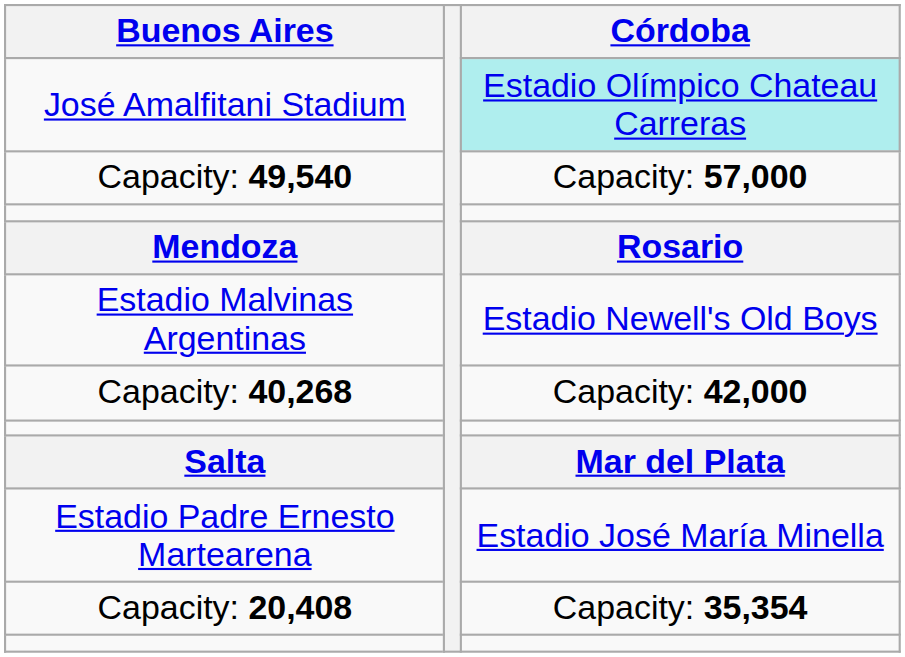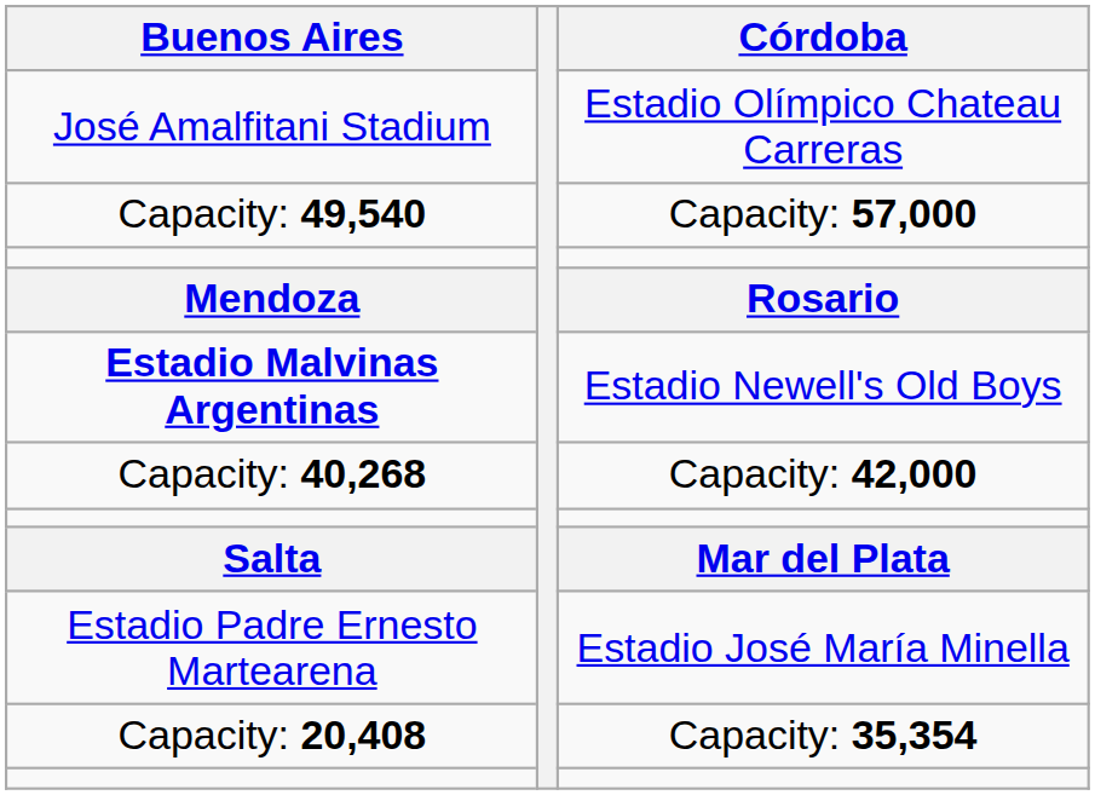 <table class=wikitable style="text-align:center">
 <tr>
 <th width=200><a href='#'>Buenos Aires</a></th>
 <th rowspan=12><br></th>
 <th width=200><a href='#'>Córdoba</a></th>
 </tr>
 <tr>
 <td><a href='#'>José Amalfitani Stadium</a></td>
-<td style="background: paleturquoise;"><a href='#'>Estadio Olímpico Chateau Carreras</a></td>
+<td><a href='#'>Estadio Olímpico Chateau Carreras</a></td>
 </tr>
 <tr>
 <td>Capacity: <strong>49,540</strong></td>
 <td>Capacity: <strong>57,000</strong></td>
 </tr>
 <tr>
 <td></td>
 <td></td>
 </tr>
 <tr>
 <th><a href='#'>Mendoza</a></th>
 <th><a href='#'>Rosario</a></th>
 </tr>
 <tr>
-<td><a href='#'>Estadio Malvinas Argentinas</a></td>
+<td><strong><a href='#'>Estadio Malvinas Argentinas</a></strong></td>
 <td><a href='#'>Estadio Newell's Old Boys</a></td>
 </tr>
 <tr>
 <td>Capacity: <strong>40,268</strong></td>
 <td>Capacity: <strong>42,000</strong></td>
 </tr>
 <tr>
 <td></td>
 <td></td>
 </tr>
 <tr>
 <th><a href='#'>Salta</a></th>
 <th><a href='#'>Mar del Plata</a></th>
 </tr>
 <tr>
 <td><a href='#'>Estadio Padre Ernesto Martearena</a></td>
 <td><a href='#'>Estadio José María Minella</a></td>
 </tr>
 <tr>
 <td>Capacity: <strong>20,408</strong></td>
 <td>Capacity: <strong>35,354</strong></td>
 </tr>
 <tr>
 <td></td>
 <td></td>
 </tr>
 </table>
